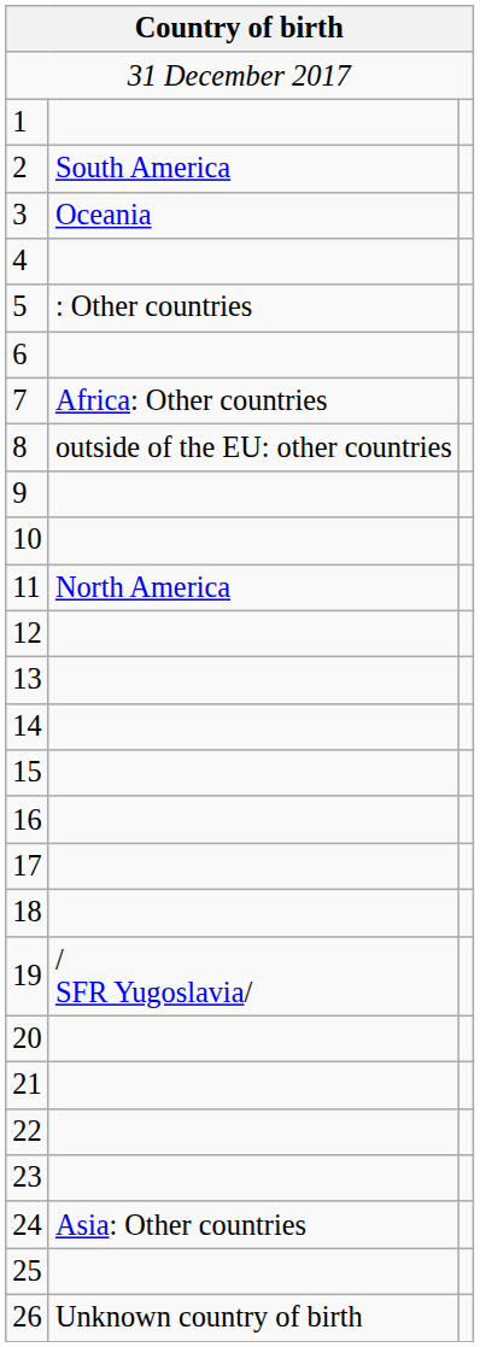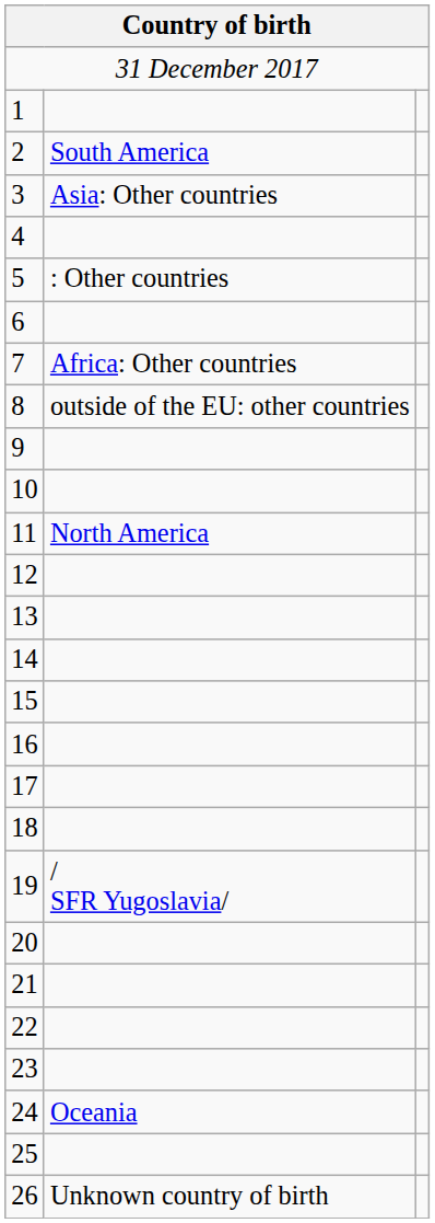 <table class="wikitable collapsible collapsed">
 <tr>
 <th colspan=3>Country of birth</th>
 </tr>
 <tr>
 <td colspan=3 style="text-align:center;"><em>31 December 2017</em></td>
 </tr>
 <tr>
 <td>1</td>
 <td></td>
 <td align=right></td>
 </tr>
 <tr>
 <td>2</td>
 <td><a href='#'>South America</a></td>
 <td align=right></td>
 </tr>
 <tr>
 <td>3</td>
-<td><a href='#'>Oceania</a></td>
+<td><a href='#'>Asia</a>: Other countries</td>
 <td align=right></td>
 </tr>
 <tr>
 <td>4</td>
 <td></td>
 <td align=right></td>
 </tr>
 <tr>
 <td>5</td>
 <td>: Other countries</td>
 <td align=right></td>
 </tr>
 <tr>
 <td>6</td>
 <td></td>
 <td align=right></td>
 </tr>
 <tr>
 <td>7</td>
 <td><a href='#'>Africa</a>: Other countries</td>
 <td align=right></td>
 </tr>
 <tr>
 <td>8</td>
 <td> outside of the EU: other countries</td>
 <td align=right></td>
 </tr>
 <tr>
 <td>9</td>
 <td></td>
 <td align=right></td>
 </tr>
 <tr>
 <td>10</td>
 <td></td>
 <td align=right></td>
 </tr>
 <tr>
 <td>11</td>
 <td><a href='#'>North America</a></td>
 <td align=right></td>
 </tr>
 <tr>
 <td>12</td>
 <td></td>
 <td align=right></td>
 </tr>
 <tr>
 <td>13</td>
 <td></td>
 <td align=right></td>
 </tr>
 <tr>
 <td>14</td>
 <td></td>
 <td align=right></td>
 </tr>
 <tr>
 <td>15</td>
 <td></td>
 <td align=right></td>
 </tr>
 <tr>
 <td>16</td>
 <td></td>
 <td align=right></td>
 </tr>
 <tr>
 <td>17</td>
 <td></td>
 <td align=right></td>
 </tr>
 <tr>
 <td>18</td>
 <td></td>
 <td align=right></td>
 </tr>
 <tr>
 <td>19</td>
 <td>/<br><a href='#'>SFR Yugoslavia</a>/</td>
 <td align=right></td>
 </tr>
 <tr>
 <td>20</td>
 <td></td>
 <td align=right></td>
 </tr>
 <tr>
 <td>21</td>
 <td></td>
 <td align=right></td>
 </tr>
 <tr>
 <td>22</td>
 <td></td>
 <td align=right></td>
 </tr>
 <tr>
 <td>23</td>
 <td></td>
 <td align=right></td>
 </tr>
 <tr>
 <td>24</td>
-<td><a href='#'>Asia</a>: Other countries</td>
+<td><a href='#'>Oceania</a></td>
 <td align=right></td>
 </tr>
 <tr>
 <td>25</td>
 <td></td>
 <td align=right></td>
 </tr>
 <tr>
 <td>26</td>
 <td>Unknown country of birth</td>
 <td align=right></td>
 </tr>
 </table>
